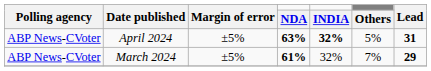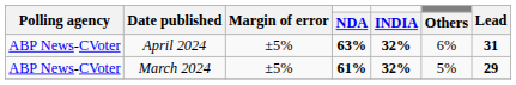 <table class="wikitable sortable" style="text-align:center;font-size:95%;line-height:16px">
 <tr>
 <th rowspan="2">Polling agency</th>
 <th rowspan="2">Date published</th>
 <th rowspan="2">Margin of error</th>
 <td></td>
 <td></td>
 <td bgcolor="grey"></td>
 <th rowspan="2">Lead</th>
 </tr>
 <tr>
 <th><a href='#'>NDA</a></th>
 <th><a href='#'>INDIA</a></th>
 <th>Others</th>
 </tr>
 <tr>
 <td><a href='#'>ABP News</a>-<a href='#'>CVoter</a></td>
 <td><em>April 2024</em></td>
 <td>±5%</td>
 <td bgcolor=><strong>63%</strong></td>
 <td><strong>32%</strong></td>
-<td>5%</td>
+<td>6%</td>
 <td bgcolor=><strong>31</strong></td>
 </tr>
 <tr>
 <td><a href='#'>ABP News</a>-<a href='#'>CVoter</a></td>
 <td><em>March 2024</em></td>
 <td>±5%</td>
 <td bgcolor=><strong>61%</strong></td>
-<td>32%</td>
-<td>7%</td>
+<td><strong>32%</strong></td>
+<td>5%</td>
 <td bgcolor=><strong>29</strong></td>
 </tr>
 <tr>
 </tr>
 </table>
